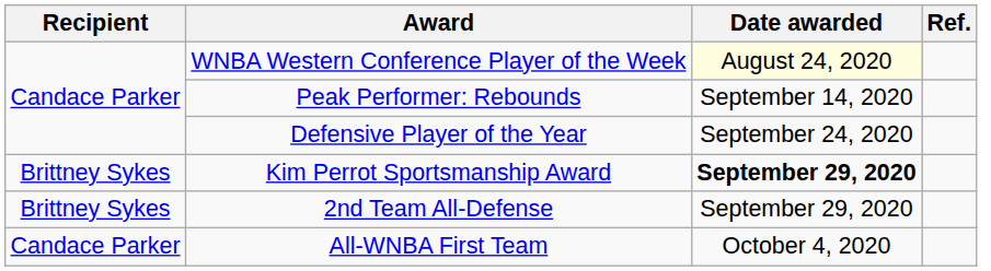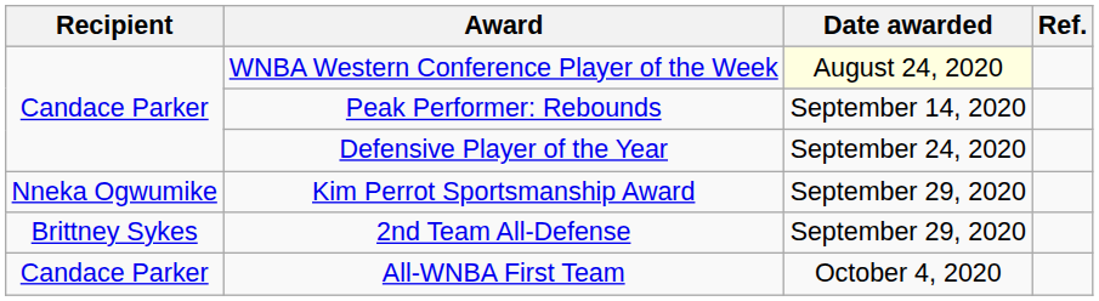 <table class="wikitable sortable sortable" style="text-align: center">
 <tr>
 <th>Recipient</th>
 <th>Award</th>
 <th>Date awarded</th>
 <th>Ref.</th>
 </tr>
 <tr>
 <td rowspan=3><a href='#'>Candace Parker</a></td>
 <td><a href='#'>WNBA Western Conference Player of the Week</a></td>
 <td style="background: lightyellow;">August 24, 2020</td>
 <td></td>
 </tr>
 <tr>
 <td><a href='#'>Peak Performer: Rebounds</a></td>
 <td>September 14, 2020</td>
 <td></td>
 </tr>
 <tr>
 <td><a href='#'>Defensive Player of the Year</a></td>
 <td>September 24, 2020</td>
 <td></td>
 </tr>
 <tr>
-<td><a href='#'>Brittney Sykes</a></td>
+<td><a href='#'>Nneka Ogwumike</a></td>
 <td><a href='#'>Kim Perrot Sportsmanship Award</a></td>
-<td><strong>September 29, 2020</strong></td>
+<td>September 29, 2020</td>
 <td></td>
 </tr>
 <tr>
 <td><a href='#'>Brittney Sykes</a></td>
 <td><a href='#'>2nd Team All-Defense</a></td>
 <td>September 29, 2020</td>
 <td></td>
 </tr>
 <tr>
 <td><a href='#'>Candace Parker</a></td>
 <td><a href='#'>All-WNBA First Team</a></td>
 <td>October 4, 2020</td>
 <td></td>
 </tr>
 </table>
